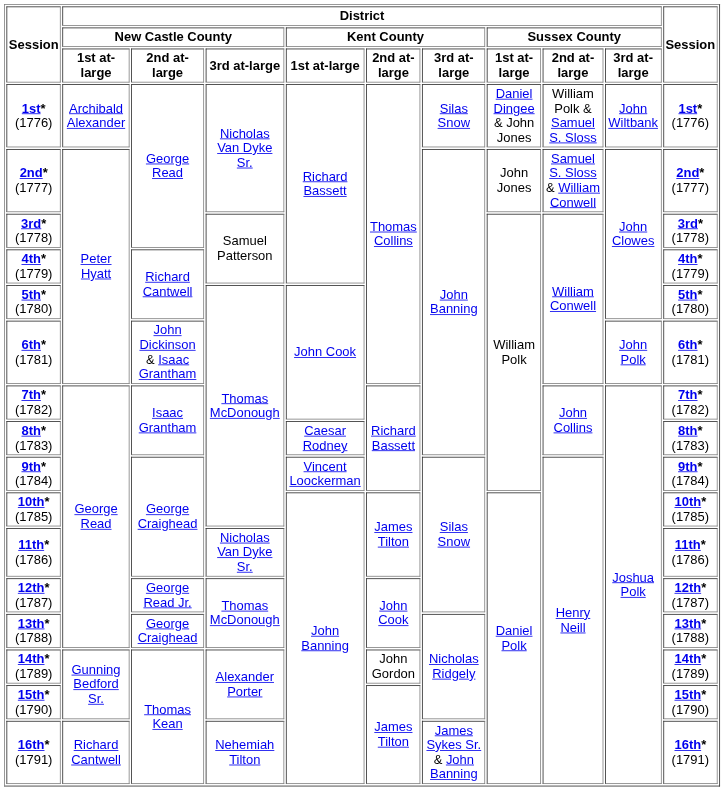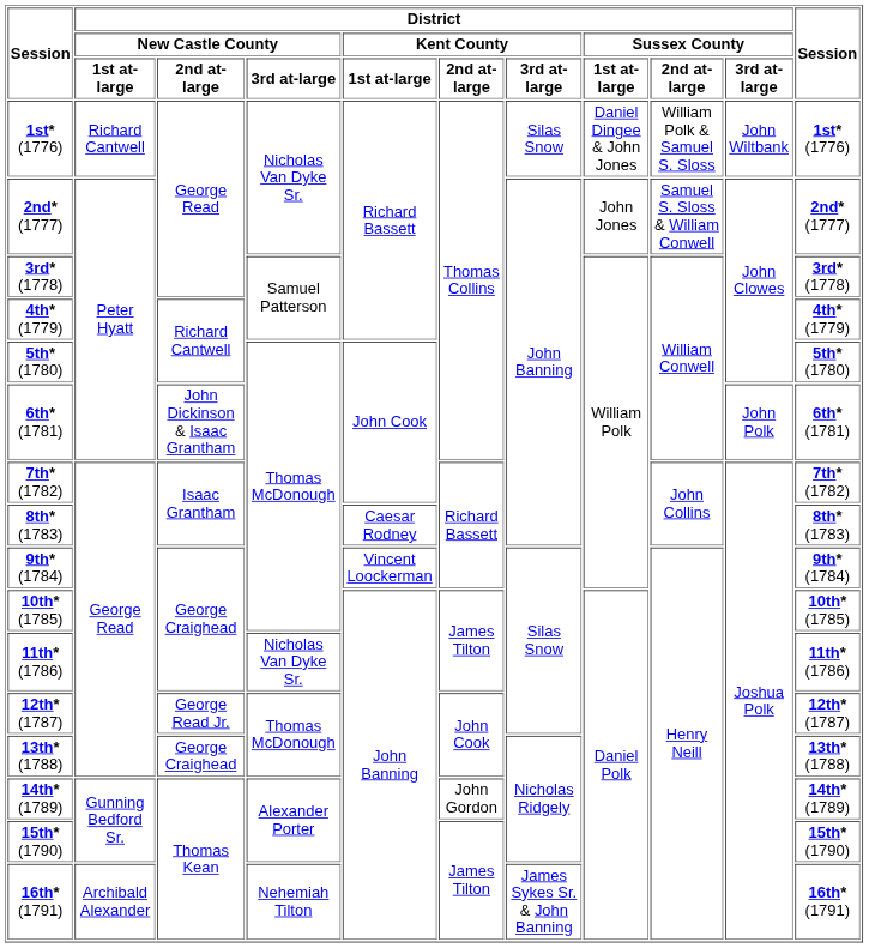 <table border=1 cellpadding=2 cellspacing=2 width=100%>
 <tr>
 <th rowspan="3" width="5%">Session</th>
 <th colspan="9">District</th>
 <th rowspan="3" width="5%">Session</th>
 </tr>
 <tr>
 <th colspan="3">New Castle County</th>
 <th colspan="3">Kent County</th>
 <th colspan="3">Sussex County</th>
 </tr>
 <tr>
 <th>1st at-large</th>
 <th>2nd at-large</th>
 <th>3rd at-large</th>
 <th>1st at-large</th>
 <th>2nd at-large</th>
 <th>3rd at-large</th>
 <th>1st at-large</th>
 <th>2nd at-large</th>
 <th>3rd at-large</th>
 </tr>
 <tr align=center>
 <td><strong><a href='#'>1st</a>*</strong><br>(1776)</td>
-<td bgcolor=#FFFFFF rowspan="1"><a href='#'>Archibald Alexander</a></td>
+<td bgcolor=#FFFFFF rowspan="1"><a href='#'>Richard Cantwell</a></td>
 <td bgcolor=#FFFFFF rowspan="3"><a href='#'>George Read</a></td>
 <td bgcolor=#FFFFFF rowspan="2"><a href='#'>Nicholas Van Dyke Sr.</a></td>
 <td bgcolor=#FFFFFF rowspan="4"><a href='#'>Richard Bassett</a></td>
 <td bgcolor=#FFFFFF rowspan="6"><a href='#'>Thomas Collins</a></td>
 <td bgcolor=#FFFFFF rowspan="1"><a href='#'>Silas Snow</a></td>
 <td bgcolor=#FFFFFF rowspan="1"><a href='#'>Daniel Dingee</a> & John Jones</td>
 <td bgcolor=#FFFFFF rowspan="1">William Polk & <a href='#'>Samuel S. Sloss</a></td>
 <td bgcolor=#FFFFFF rowspan="1"><a href='#'>John Wiltbank</a></td>
 <td><strong><a href='#'>1st</a>*</strong><br>(1776)</td>
 </tr>
 <tr align=center>
 <td><strong><a href='#'>2nd</a>*</strong><br>(1777)</td>
 <td bgcolor=#FFFFFF rowspan="5"><a href='#'>Peter Hyatt</a></td>
 <td bgcolor=#FFFFFF rowspan="7"><a href='#'>John Banning</a></td>
 <td bgcolor=#FFFFFF rowspan="1">John Jones</td>
 <td bgcolor=#FFFFFF rowspan="1"><a href='#'>Samuel S. Sloss</a> & <a href='#'>William Conwell</a></td>
 <td bgcolor=#FFFFFF rowspan="4"><a href='#'>John Clowes</a></td>
 <td><strong><a href='#'>2nd</a>*</strong><br>(1777)</td>
 </tr>
 <tr align=center>
 <td><strong><a href='#'>3rd</a>*</strong><br>(1778)</td>
 <td bgcolor=#FFFFFF rowspan="2">Samuel Patterson</td>
 <td bgcolor=#FFFFFF rowspan="7">William Polk</td>
 <td bgcolor=#FFFFFF rowspan="4"><a href='#'>William Conwell</a></td>
 <td><strong><a href='#'>3rd</a>*</strong><br>(1778)</td>
 </tr>
 <tr align=center>
 <td><strong><a href='#'>4th</a>*</strong><br>(1779)</td>
 <td bgcolor=#FFFFFF rowspan="2"><a href='#'>Richard Cantwell</a></td>
 <td><strong><a href='#'>4th</a>*</strong><br>(1779)</td>
 </tr>
 <tr align=center>
 <td><strong><a href='#'>5th</a>*</strong><br>(1780)</td>
 <td bgcolor=#FFFFFF rowspan="6"><a href='#'>Thomas McDonough</a></td>
 <td bgcolor=#FFFFFF rowspan="3"><a href='#'>John Cook</a></td>
 <td><strong><a href='#'>5th</a>*</strong><br>(1780)</td>
 </tr>
 <tr align=center>
 <td><strong><a href='#'>6th</a>*</strong><br>(1781)</td>
 <td bgcolor=#FFFFFF rowspan="1"><a href='#'>John Dickinson</a> & <a href='#'>Isaac Grantham</a></td>
 <td bgcolor=#FFFFFF rowspan="1"><a href='#'>John Polk</a></td>
 <td><strong><a href='#'>6th</a>*</strong><br>(1781)</td>
 </tr>
 <tr align=center>
 <td><strong><a href='#'>7th</a>*</strong><br>(1782)</td>
 <td bgcolor=#FFFFFF rowspan="7"><a href='#'>George Read</a></td>
 <td bgcolor=#FFFFFF rowspan="2"><a href='#'>Isaac Grantham</a></td>
 <td bgcolor=#FFFFFF rowspan="3"><a href='#'>Richard Bassett</a></td>
 <td bgcolor=#FFFFFF rowspan="2"><a href='#'>John Collins</a></td>
 <td bgcolor=#FFFFFF rowspan="10"><a href='#'>Joshua Polk</a></td>
 <td><strong><a href='#'>7th</a>*</strong><br>(1782)</td>
 </tr>
 <tr align=center>
 <td><strong><a href='#'>8th</a>*</strong><br>(1783)</td>
 <td bgcolor=#FFFFFF rowspan="1"><a href='#'>Caesar Rodney</a></td>
 <td><strong><a href='#'>8th</a>*</strong><br>(1783)</td>
 </tr>
 <tr align=center>
 <td><strong><a href='#'>9th</a>*</strong><br>(1784)</td>
 <td bgcolor=#FFFFFF rowspan="3"><a href='#'>George Craighead</a></td>
 <td bgcolor=#FFFFFF rowspan="1"><a href='#'>Vincent Loockerman</a></td>
 <td bgcolor=#FFFFFF rowspan="4"><a href='#'>Silas Snow</a></td>
 <td bgcolor=#FFFFFF rowspan="8"><a href='#'>Henry Neill</a></td>
 <td><strong><a href='#'>9th</a>*</strong><br>(1784)</td>
 </tr>
 <tr align=center>
 <td><strong><a href='#'>10th</a>*</strong><br>(1785)</td>
 <td bgcolor=#FFFFFF rowspan="7"><a href='#'>John Banning</a></td>
 <td bgcolor=#FFFFFF rowspan="2"><a href='#'>James Tilton</a></td>
 <td bgcolor=#FFFFFF rowspan="7"><a href='#'>Daniel Polk</a></td>
 <td><strong><a href='#'>10th</a>*</strong><br>(1785)</td>
 </tr>
 <tr align=center>
 <td><strong><a href='#'>11th</a>*</strong><br>(1786)</td>
 <td bgcolor=#FFFFFF rowspan="1"><a href='#'>Nicholas Van Dyke Sr.</a></td>
 <td><strong><a href='#'>11th</a>*</strong><br>(1786)</td>
 </tr>
 <tr align=center>
 <td><strong><a href='#'>12th</a>*</strong><br>(1787)</td>
 <td bgcolor=#FFFFFF rowspan="1"><a href='#'>George Read Jr.</a></td>
 <td bgcolor=#FFFFFF rowspan="2"><a href='#'>Thomas McDonough</a></td>
 <td bgcolor=#FFFFFF rowspan="2"><a href='#'>John Cook</a></td>
 <td><strong><a href='#'>12th</a>*</strong><br>(1787)</td>
 </tr>
 <tr align=center>
 <td><strong><a href='#'>13th</a>*</strong><br>(1788)</td>
 <td bgcolor=#FFFFFF rowspan="1"><a href='#'>George Craighead</a></td>
 <td bgcolor=#FFFFFF rowspan="3"><a href='#'>Nicholas Ridgely</a></td>
 <td><strong><a href='#'>13th</a>*</strong><br>(1788)</td>
 </tr>
 <tr align=center>
 <td><strong><a href='#'>14th</a>*</strong><br>(1789)</td>
 <td bgcolor=#FFFFFF rowspan="2"><a href='#'>Gunning Bedford Sr.</a></td>
 <td bgcolor=#FFFFFF rowspan="3"><a href='#'>Thomas Kean</a></td>
 <td bgcolor=#FFFFFF rowspan="2"><a href='#'>Alexander Porter</a></td>
 <td bgcolor=#FFFFFF rowspan="1">John Gordon</td>
 <td><strong><a href='#'>14th</a>*</strong><br>(1789)</td>
 </tr>
 <tr align=center>
 <td><strong><a href='#'>15th</a>*</strong><br>(1790)</td>
 <td bgcolor=#FFFFFF rowspan="2"><a href='#'>James Tilton</a></td>
 <td><strong><a href='#'>15th</a>*</strong><br>(1790)</td>
 </tr>
 <tr align=center>
 <td><strong><a href='#'>16th</a>*</strong><br>(1791)</td>
-<td bgcolor=#FFFFFF rowspan="1"><a href='#'>Richard Cantwell</a></td>
+<td bgcolor=#FFFFFF rowspan="1"><a href='#'>Archibald Alexander</a></td>
 <td bgcolor=#FFFFFF rowspan="1"><a href='#'>Nehemiah Tilton</a></td>
 <td bgcolor=#FFFFFF rowspan="1"><a href='#'>James Sykes Sr.</a> & <a href='#'>John Banning</a></td>
 <td><strong><a href='#'>16th</a>*</strong><br>(1791)</td>
 </tr>
 </table>
